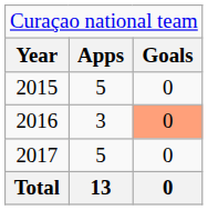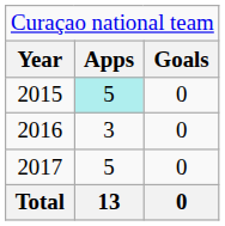 <table class="wikitable" style="text-align:center">
 <tr>
 <td colspan="3"><a href='#'>Curaçao national team</a></td>
 </tr>
 <tr>
 <th>Year</th>
 <th>Apps</th>
 <th>Goals</th>
 </tr>
 <tr>
 <td>2015</td>
-<td>5</td>
+<td style="background: paleturquoise;">5</td>
 <td>0</td>
 </tr>
 <tr>
 <td>2016</td>
 <td>3</td>
-<td style="background: lightsalmon;">0</td>
+<td>0</td>
 </tr>
 <tr>
 <td>2017</td>
 <td>5</td>
 <td>0</td>
 </tr>
 <tr>
 <th>Total</th>
 <th>13</th>
 <th>0</th>
 </tr>
 </table>
